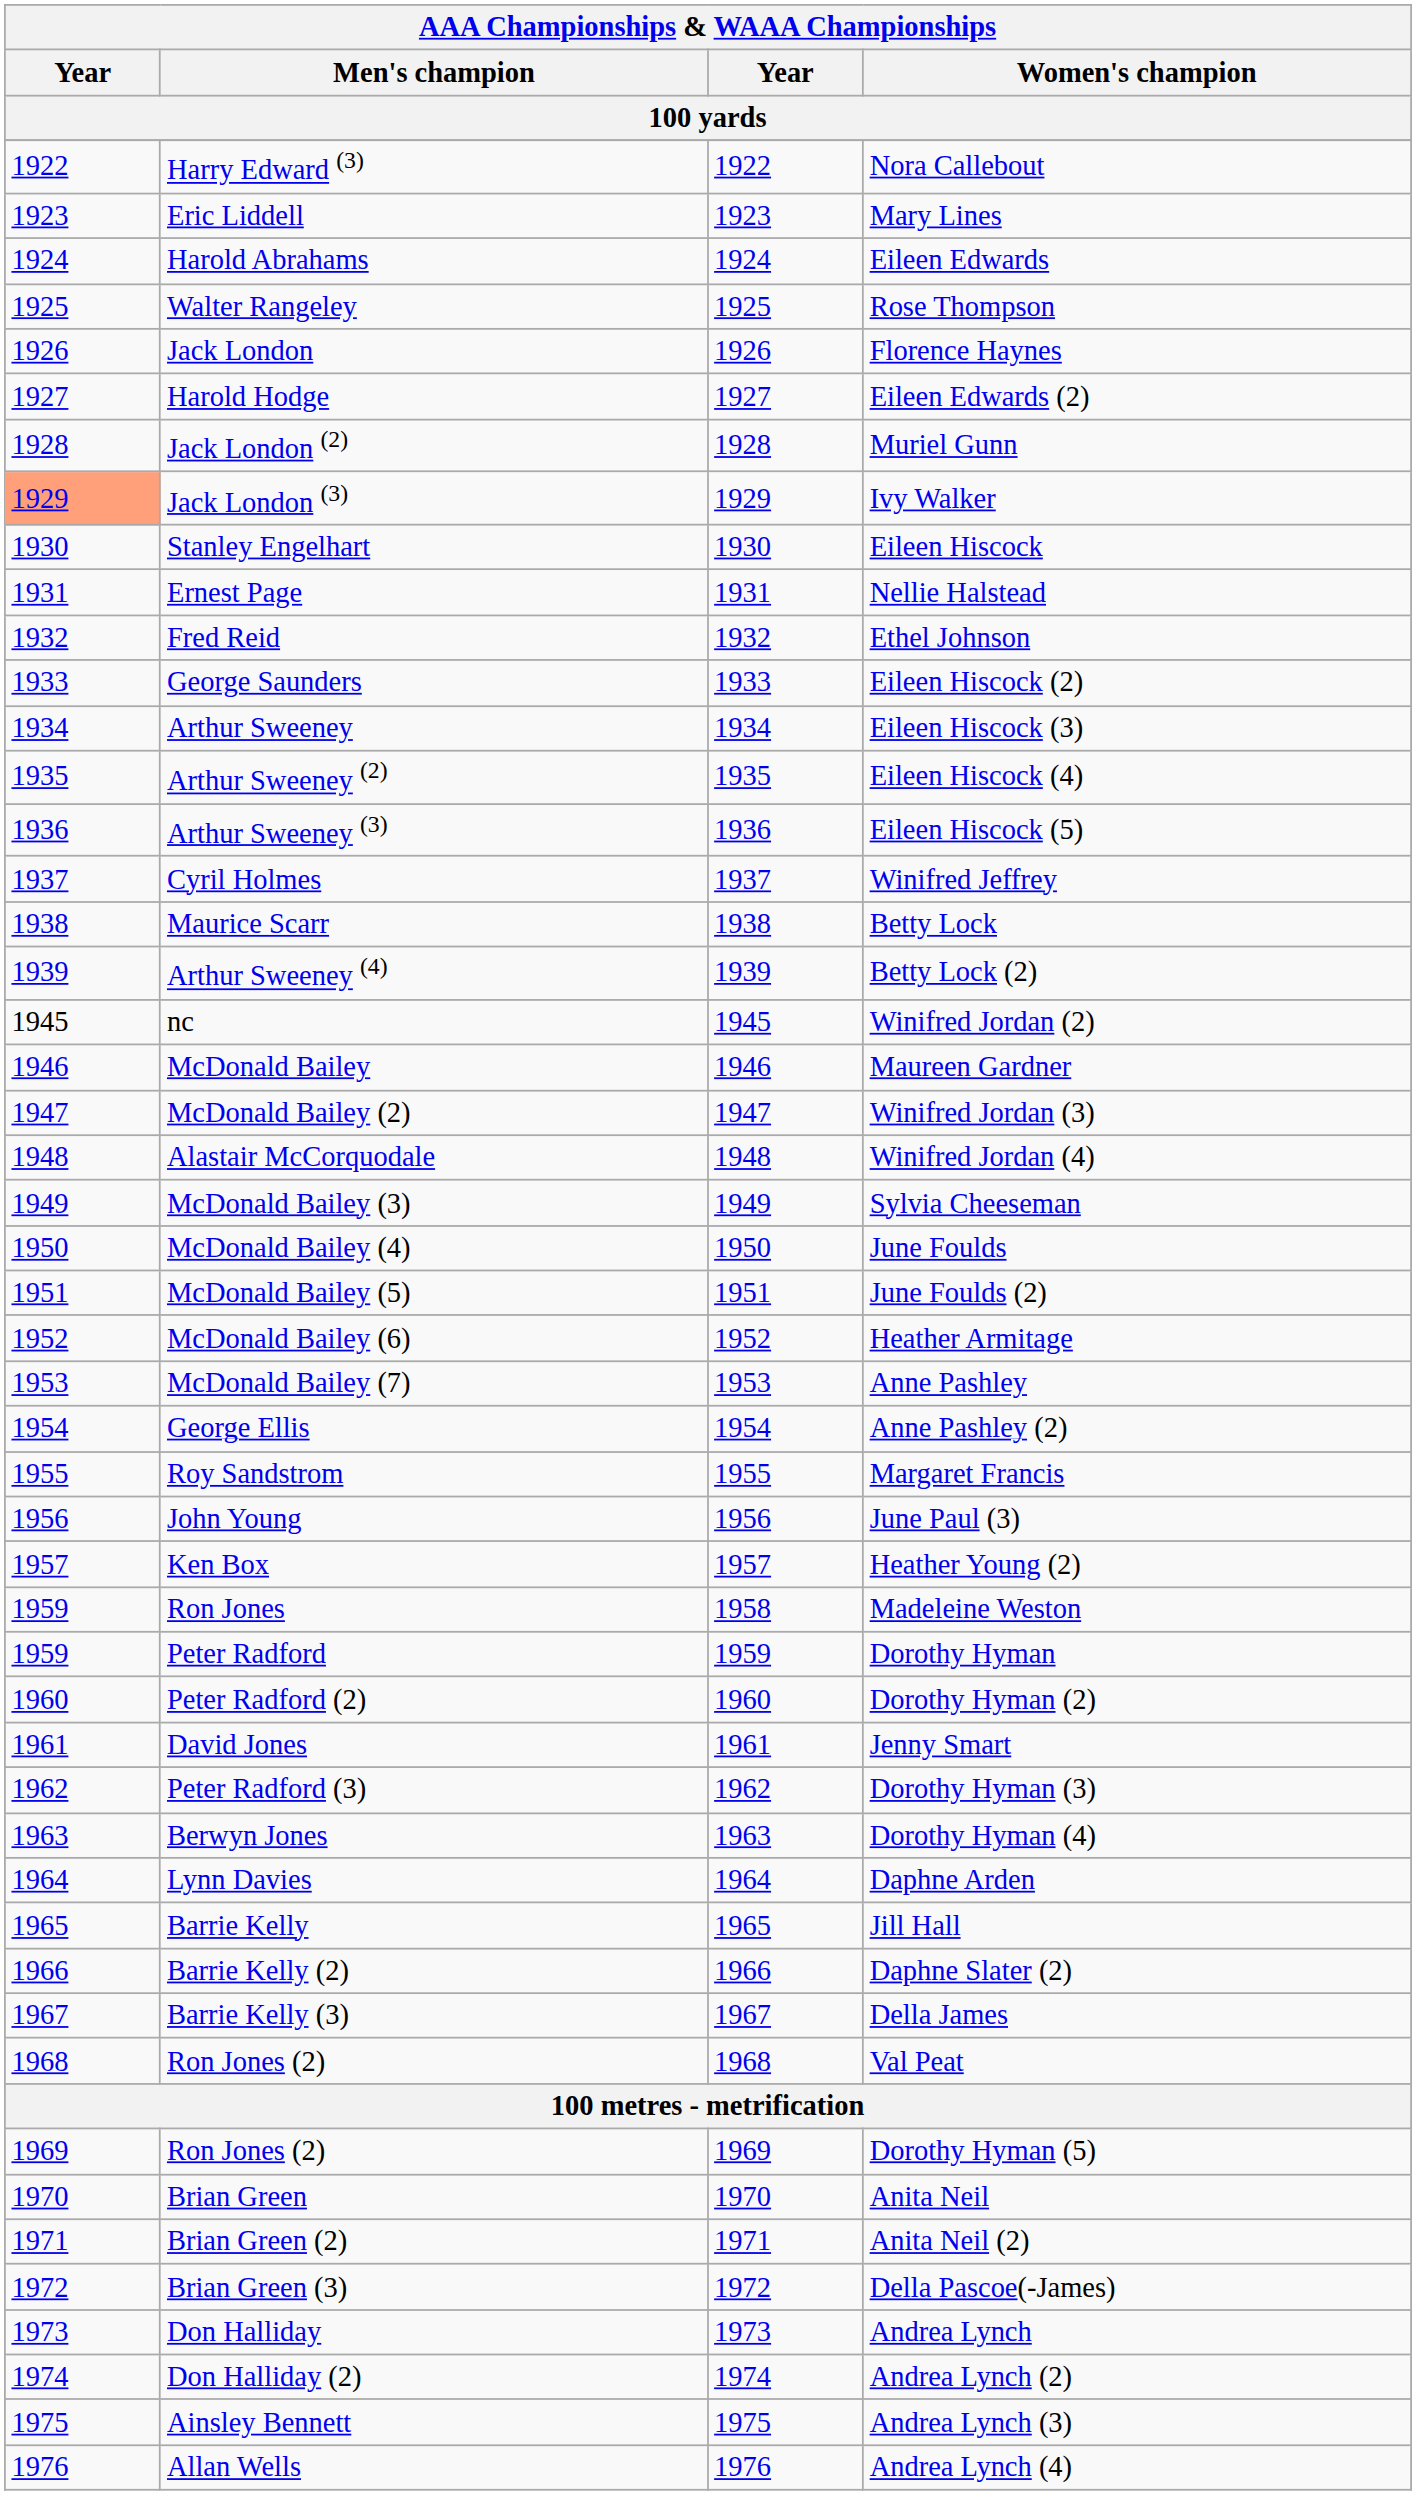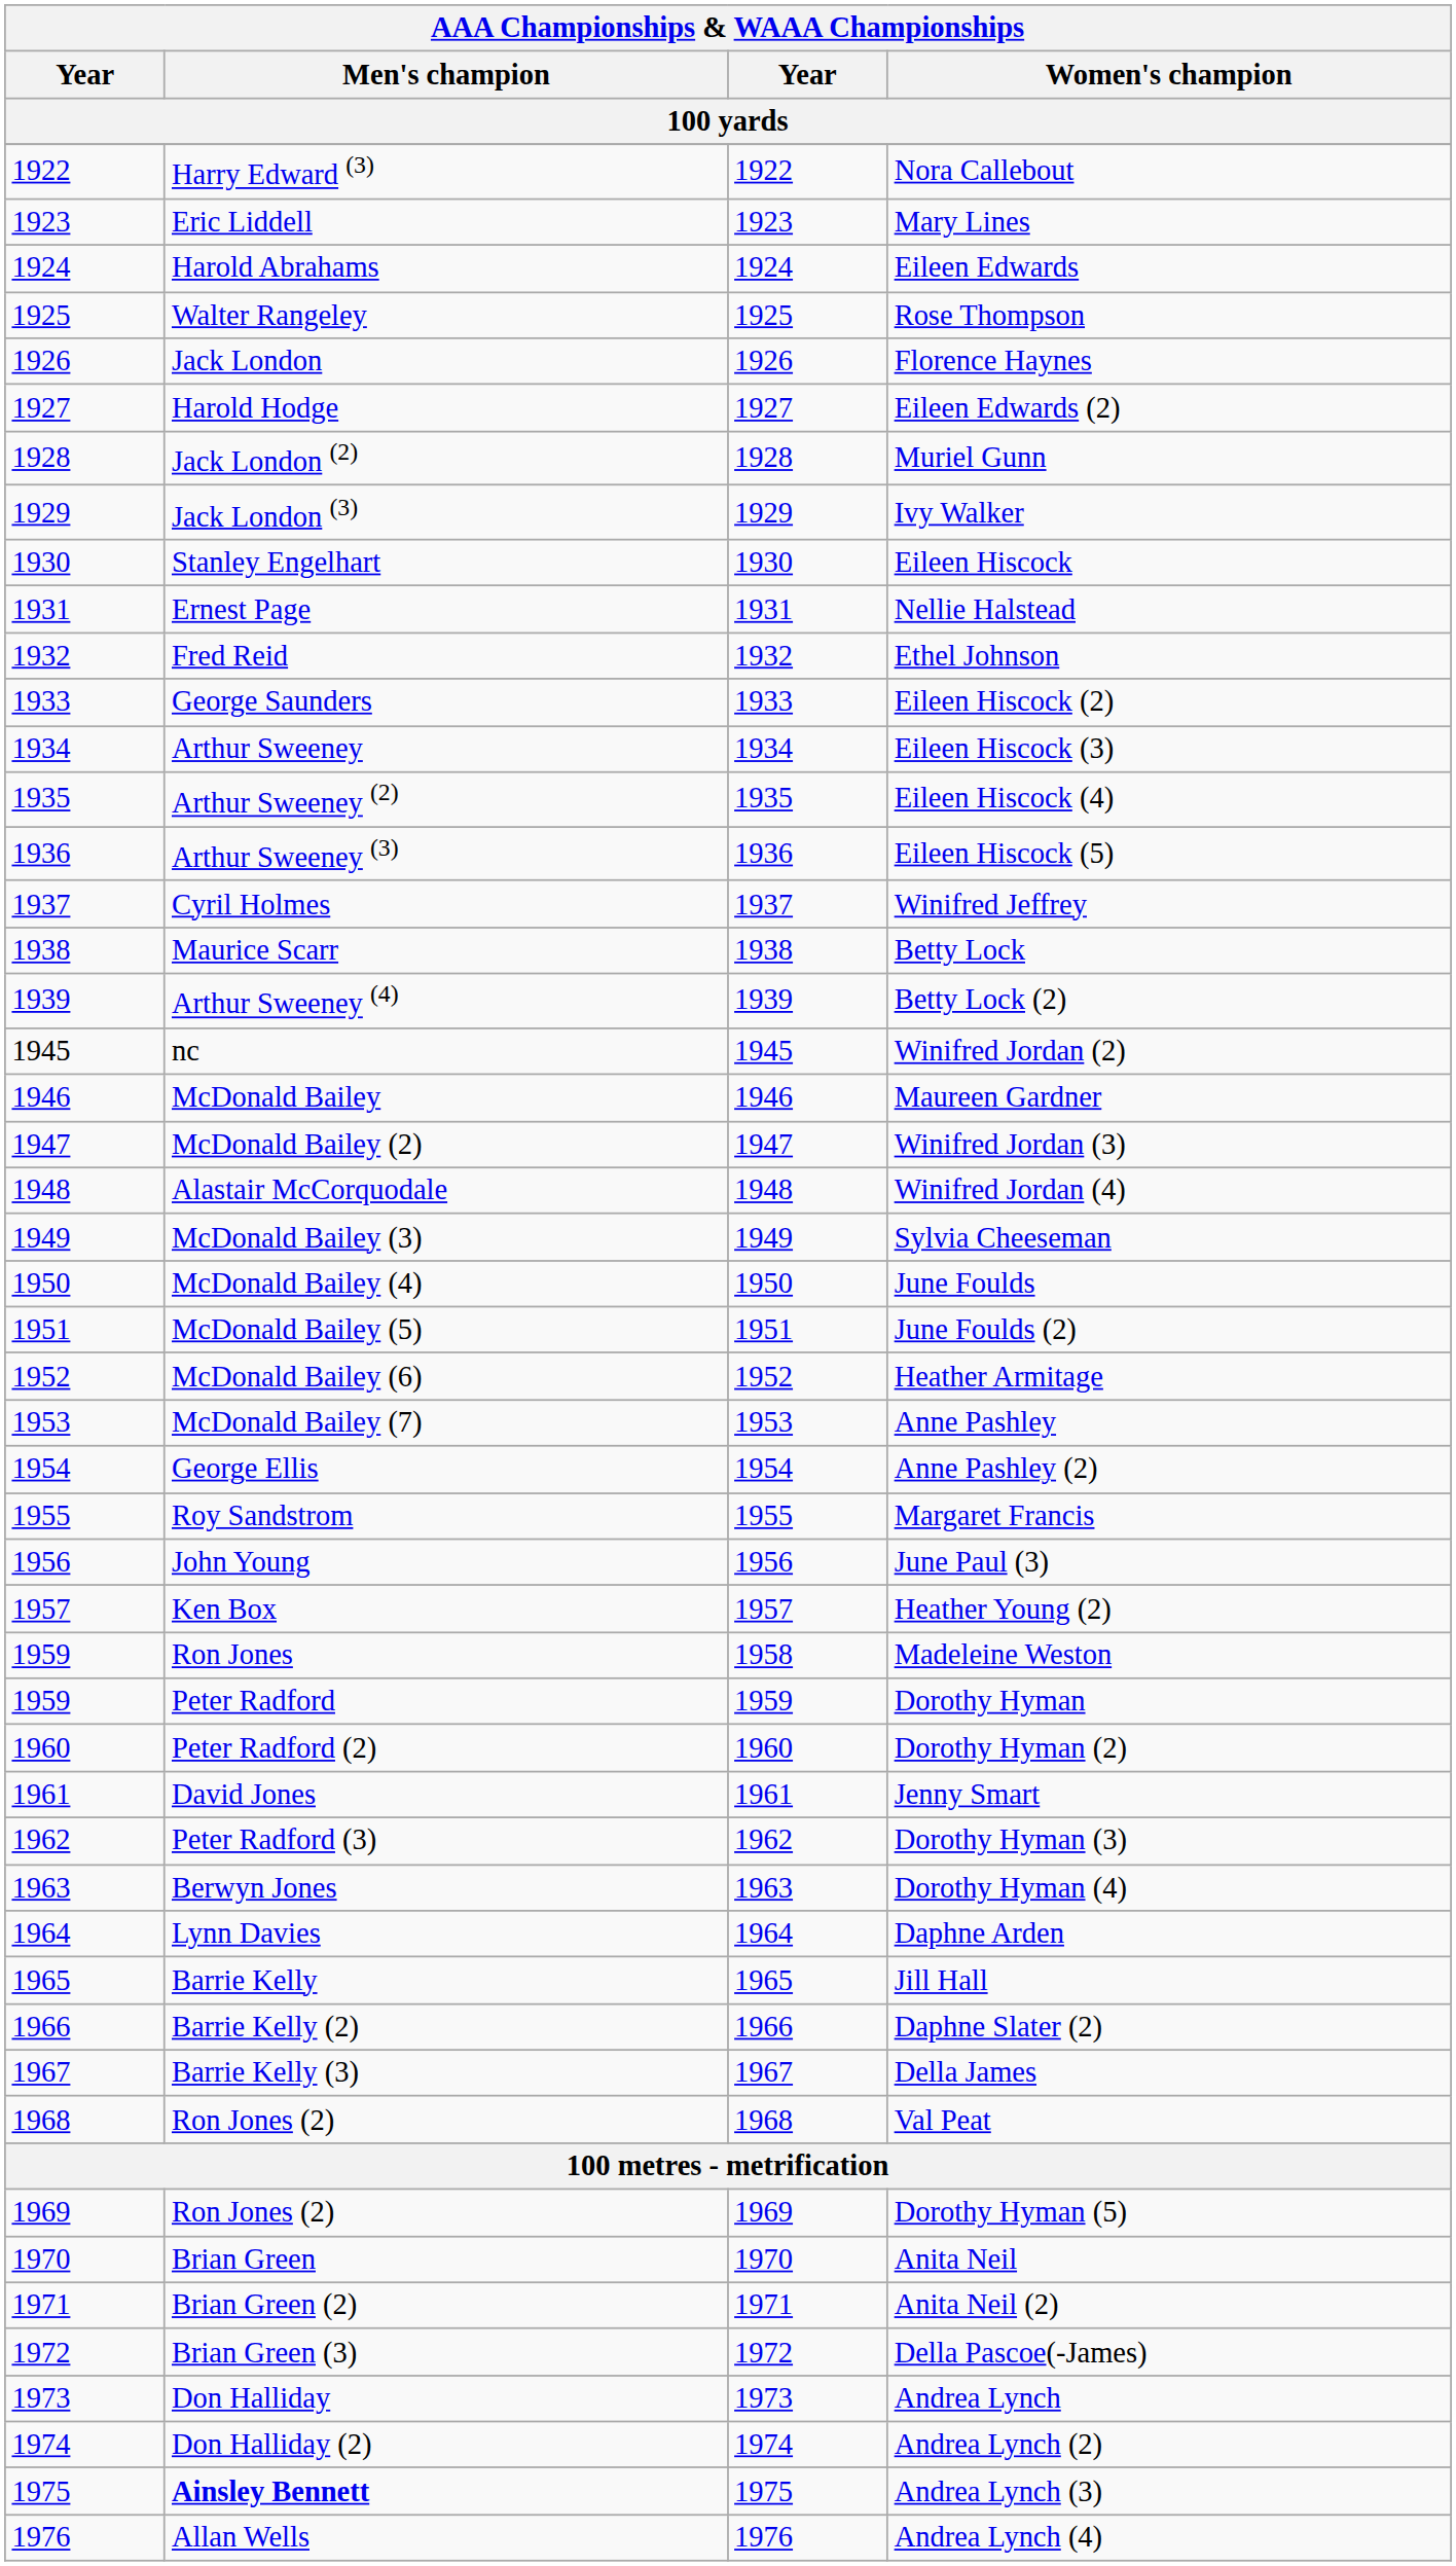 <table class="wikitable">
 <tr>
 <th colspan="4"><a href='#'>AAA Championships</a> & <a href='#'>WAAA Championships</a></th>
 </tr>
 <tr>
 <th width=80>Year</th>
 <th width=300>Men's champion</th>
 <th width=80>Year</th>
 <th width=300>Women's champion</th>
 </tr>
 <tr>
 <th colspan="4"><strong>100 yards</strong></th>
 </tr>
 <tr>
 </tr>
 <tr>
 <td><a href='#'>1922</a></td>
 <td><a href='#'>Harry Edward</a> <sup>(3)</sup></td>
 <td><a href='#'>1922</a></td>
 <td><a href='#'>Nora Callebout</a></td>
 </tr>
 <tr>
 <td><a href='#'>1923</a></td>
 <td><a href='#'>Eric Liddell</a></td>
 <td><a href='#'>1923</a></td>
 <td><a href='#'>Mary Lines</a></td>
 </tr>
 <tr>
 <td><a href='#'>1924</a></td>
 <td><a href='#'>Harold Abrahams</a></td>
 <td><a href='#'>1924</a></td>
 <td><a href='#'>Eileen Edwards</a></td>
 </tr>
 <tr>
 <td><a href='#'>1925</a></td>
 <td><a href='#'>Walter Rangeley</a></td>
 <td><a href='#'>1925</a></td>
 <td><a href='#'>Rose Thompson</a></td>
 </tr>
 <tr>
 <td><a href='#'>1926</a></td>
 <td><a href='#'>Jack London</a></td>
 <td><a href='#'>1926</a></td>
 <td><a href='#'>Florence Haynes</a></td>
 </tr>
 <tr>
 <td><a href='#'>1927</a></td>
 <td><a href='#'>Harold Hodge</a></td>
 <td><a href='#'>1927</a></td>
 <td><a href='#'>Eileen Edwards</a> (2)</td>
 </tr>
 <tr>
 <td><a href='#'>1928</a></td>
 <td><a href='#'>Jack London</a> <sup>(2)</sup></td>
 <td><a href='#'>1928</a></td>
 <td><a href='#'>Muriel Gunn</a></td>
 </tr>
 <tr>
-<td style="background: lightsalmon;"><a href='#'>1929</a></td>
+<td><a href='#'>1929</a></td>
 <td><a href='#'>Jack London</a> <sup>(3)</sup></td>
 <td><a href='#'>1929</a></td>
 <td><a href='#'>Ivy Walker</a></td>
 </tr>
 <tr>
 <td><a href='#'>1930</a></td>
 <td><a href='#'>Stanley Engelhart</a></td>
 <td><a href='#'>1930</a></td>
 <td><a href='#'>Eileen Hiscock</a></td>
 </tr>
 <tr>
 <td><a href='#'>1931</a></td>
 <td><a href='#'>Ernest Page</a></td>
 <td><a href='#'>1931</a></td>
 <td><a href='#'>Nellie Halstead</a></td>
 </tr>
 <tr>
 <td><a href='#'>1932</a></td>
 <td><a href='#'>Fred Reid</a></td>
 <td><a href='#'>1932</a></td>
 <td><a href='#'>Ethel Johnson</a></td>
 </tr>
 <tr>
 <td><a href='#'>1933</a></td>
 <td><a href='#'>George Saunders</a></td>
 <td><a href='#'>1933</a></td>
 <td><a href='#'>Eileen Hiscock</a> (2)</td>
 </tr>
 <tr>
 <td><a href='#'>1934</a></td>
 <td><a href='#'>Arthur Sweeney</a></td>
 <td><a href='#'>1934</a></td>
 <td><a href='#'>Eileen Hiscock</a> (3)</td>
 </tr>
 <tr>
 <td><a href='#'>1935</a></td>
 <td><a href='#'>Arthur Sweeney</a> <sup>(2)</sup></td>
 <td><a href='#'>1935</a></td>
 <td><a href='#'>Eileen Hiscock</a> (4)</td>
 </tr>
 <tr>
 <td><a href='#'>1936</a></td>
 <td><a href='#'>Arthur Sweeney</a> <sup>(3)</sup></td>
 <td><a href='#'>1936</a></td>
 <td><a href='#'>Eileen Hiscock</a> (5)</td>
 </tr>
 <tr>
 <td><a href='#'>1937</a></td>
 <td><a href='#'>Cyril Holmes</a></td>
 <td><a href='#'>1937</a></td>
 <td><a href='#'>Winifred Jeffrey</a></td>
 </tr>
 <tr>
 <td><a href='#'>1938</a></td>
 <td><a href='#'>Maurice Scarr</a></td>
 <td><a href='#'>1938</a></td>
 <td><a href='#'>Betty Lock</a></td>
 </tr>
 <tr>
 <td><a href='#'>1939</a></td>
 <td><a href='#'>Arthur Sweeney</a> <sup>(4)</sup></td>
 <td><a href='#'>1939</a></td>
 <td><a href='#'>Betty Lock</a> (2)</td>
 </tr>
 <tr>
 <td>1945</td>
 <td>nc</td>
 <td><a href='#'>1945</a></td>
 <td><a href='#'>Winifred Jordan</a> (2)</td>
 </tr>
 <tr>
 <td><a href='#'>1946</a></td>
 <td><a href='#'>McDonald Bailey</a></td>
 <td><a href='#'>1946</a></td>
 <td><a href='#'>Maureen Gardner</a></td>
 </tr>
 <tr>
 <td><a href='#'>1947</a></td>
 <td><a href='#'>McDonald Bailey</a> (2)</td>
 <td><a href='#'>1947</a></td>
 <td><a href='#'>Winifred Jordan</a> (3)</td>
 </tr>
 <tr>
 <td><a href='#'>1948</a></td>
 <td><a href='#'>Alastair McCorquodale</a></td>
 <td><a href='#'>1948</a></td>
 <td><a href='#'>Winifred Jordan</a> (4)</td>
 </tr>
 <tr>
 <td><a href='#'>1949</a></td>
 <td><a href='#'>McDonald Bailey</a> (3)</td>
 <td><a href='#'>1949</a></td>
 <td><a href='#'>Sylvia Cheeseman</a></td>
 </tr>
 <tr>
 <td><a href='#'>1950</a></td>
 <td><a href='#'>McDonald Bailey</a> (4)</td>
 <td><a href='#'>1950</a></td>
 <td><a href='#'>June Foulds</a></td>
 </tr>
 <tr>
 <td><a href='#'>1951</a></td>
 <td><a href='#'>McDonald Bailey</a> (5)</td>
 <td><a href='#'>1951</a></td>
 <td><a href='#'>June Foulds</a> (2)</td>
 </tr>
 <tr>
 <td><a href='#'>1952</a></td>
 <td><a href='#'>McDonald Bailey</a> (6)</td>
 <td><a href='#'>1952</a></td>
 <td><a href='#'>Heather Armitage</a></td>
 </tr>
 <tr>
 <td><a href='#'>1953</a></td>
 <td><a href='#'>McDonald Bailey</a> (7)</td>
 <td><a href='#'>1953</a></td>
 <td><a href='#'>Anne Pashley</a></td>
 </tr>
 <tr>
 <td><a href='#'>1954</a></td>
 <td><a href='#'>George Ellis</a></td>
 <td><a href='#'>1954</a></td>
 <td><a href='#'>Anne Pashley</a> (2)</td>
 </tr>
 <tr>
 <td><a href='#'>1955</a></td>
 <td><a href='#'>Roy Sandstrom</a></td>
 <td><a href='#'>1955</a></td>
 <td><a href='#'>Margaret Francis</a></td>
 </tr>
 <tr>
 <td><a href='#'>1956</a></td>
 <td><a href='#'>John Young</a></td>
 <td><a href='#'>1956</a></td>
 <td><a href='#'>June Paul</a> (3)</td>
 </tr>
 <tr>
 <td><a href='#'>1957</a></td>
 <td><a href='#'>Ken Box</a></td>
 <td><a href='#'>1957</a></td>
 <td><a href='#'>Heather Young</a> (2)</td>
 </tr>
 <tr>
 <td><a href='#'>1959</a></td>
 <td><a href='#'>Ron Jones</a></td>
 <td><a href='#'>1958</a></td>
 <td><a href='#'>Madeleine Weston</a></td>
 </tr>
 <tr>
 <td><a href='#'>1959</a></td>
 <td><a href='#'>Peter Radford</a></td>
 <td><a href='#'>1959</a></td>
 <td><a href='#'>Dorothy Hyman</a></td>
 </tr>
 <tr>
 <td><a href='#'>1960</a></td>
 <td><a href='#'>Peter Radford</a> (2)</td>
 <td><a href='#'>1960</a></td>
 <td><a href='#'>Dorothy Hyman</a> (2)</td>
 </tr>
 <tr>
 <td><a href='#'>1961</a></td>
 <td><a href='#'>David Jones</a></td>
 <td><a href='#'>1961</a></td>
 <td><a href='#'>Jenny Smart</a></td>
 </tr>
 <tr>
 <td><a href='#'>1962</a></td>
 <td><a href='#'>Peter Radford</a> (3)</td>
 <td><a href='#'>1962</a></td>
 <td><a href='#'>Dorothy Hyman</a> (3)</td>
 </tr>
 <tr>
 <td><a href='#'>1963</a></td>
 <td><a href='#'>Berwyn Jones</a></td>
 <td><a href='#'>1963</a></td>
 <td><a href='#'>Dorothy Hyman</a> (4)</td>
 </tr>
 <tr>
 <td><a href='#'>1964</a></td>
 <td><a href='#'>Lynn Davies</a></td>
 <td><a href='#'>1964</a></td>
 <td><a href='#'>Daphne Arden</a></td>
 </tr>
 <tr>
 <td><a href='#'>1965</a></td>
 <td><a href='#'>Barrie Kelly</a></td>
 <td><a href='#'>1965</a></td>
 <td><a href='#'>Jill Hall</a></td>
 </tr>
 <tr>
 <td><a href='#'>1966</a></td>
 <td><a href='#'>Barrie Kelly</a> (2)</td>
 <td><a href='#'>1966</a></td>
 <td><a href='#'>Daphne Slater</a> (2)</td>
 </tr>
 <tr>
 <td><a href='#'>1967</a></td>
 <td><a href='#'>Barrie Kelly</a> (3)</td>
 <td><a href='#'>1967</a></td>
 <td><a href='#'>Della James</a></td>
 </tr>
 <tr>
 <td><a href='#'>1968</a></td>
 <td><a href='#'>Ron Jones</a> (2)</td>
 <td><a href='#'>1968</a></td>
 <td><a href='#'>Val Peat</a></td>
 </tr>
 <tr>
 <th colspan="4"><strong>100 metres - metrification</strong></th>
 </tr>
 <tr>
 <td><a href='#'>1969</a></td>
 <td><a href='#'>Ron Jones</a> (2)</td>
 <td><a href='#'>1969</a></td>
 <td><a href='#'>Dorothy Hyman</a> (5)</td>
 </tr>
 <tr>
 <td><a href='#'>1970</a></td>
 <td><a href='#'>Brian Green</a></td>
 <td><a href='#'>1970</a></td>
 <td><a href='#'>Anita Neil</a></td>
 </tr>
 <tr>
 <td><a href='#'>1971</a></td>
 <td><a href='#'>Brian Green</a> (2)</td>
 <td><a href='#'>1971</a></td>
 <td><a href='#'>Anita Neil</a> (2)</td>
 </tr>
 <tr>
 <td><a href='#'>1972</a></td>
 <td><a href='#'>Brian Green</a> (3)</td>
 <td><a href='#'>1972</a></td>
 <td><a href='#'>Della Pascoe</a>(-James)</td>
 </tr>
 <tr>
 <td><a href='#'>1973</a></td>
 <td><a href='#'>Don Halliday</a></td>
 <td><a href='#'>1973</a></td>
 <td><a href='#'>Andrea Lynch</a></td>
 </tr>
 <tr>
 <td><a href='#'>1974</a></td>
 <td><a href='#'>Don Halliday</a> (2)</td>
 <td><a href='#'>1974</a></td>
 <td><a href='#'>Andrea Lynch</a> (2)</td>
 </tr>
 <tr>
 <td><a href='#'>1975</a></td>
-<td><a href='#'>Ainsley Bennett</a></td>
+<td><strong><a href='#'>Ainsley Bennett</a></strong></td>
 <td><a href='#'>1975</a></td>
 <td><a href='#'>Andrea Lynch</a> (3)</td>
 </tr>
 <tr>
 <td><a href='#'>1976</a></td>
 <td><a href='#'>Allan Wells</a></td>
 <td><a href='#'>1976</a></td>
 <td><a href='#'>Andrea Lynch</a> (4)</td>
 </tr>
 </table>
